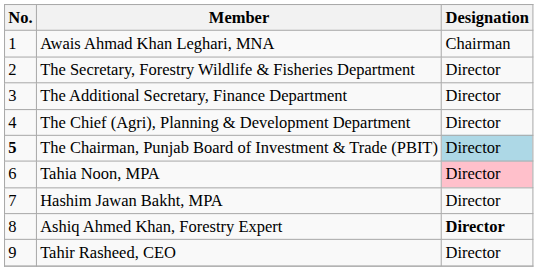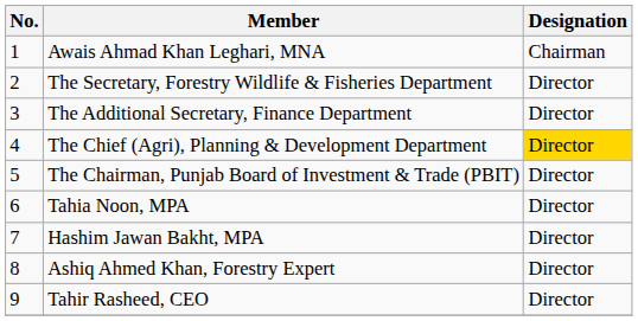 <table class="wikitable">
 <tr>
 <th>No.</th>
 <th>Member</th>
 <th>Designation</th>
 </tr>
 <tr>
 <td>1</td>
 <td>Awais Ahmad Khan Leghari, MNA</td>
 <td>Chairman</td>
 </tr>
 <tr>
 <td>2</td>
 <td>The Secretary, Forestry Wildlife & Fisheries Department</td>
 <td>Director</td>
 </tr>
 <tr>
 <td>3</td>
 <td>The Additional Secretary, Finance Department</td>
 <td>Director</td>
 </tr>
 <tr>
 <td>4</td>
 <td>The Chief (Agri), Planning & Development Department</td>
-<td>Director</td>
+<td style="background: gold;">Director</td>
 </tr>
 <tr>
-<td><strong>5</strong></td>
+<td>5</td>
 <td>The Chairman, Punjab Board of Investment & Trade (PBIT)</td>
-<td style="background: lightblue;">Director</td>
+<td>Director</td>
 </tr>
 <tr>
 <td>6</td>
 <td>Tahia Noon, MPA</td>
-<td style="background: pink;">Director</td>
+<td>Director</td>
 </tr>
 <tr>
 <td>7</td>
 <td>Hashim Jawan Bakht, MPA</td>
 <td>Director</td>
 </tr>
 <tr>
 <td>8</td>
 <td>Ashiq Ahmed Khan, Forestry Expert</td>
-<td><strong>Director</strong></td>
+<td>Director</td>
 </tr>
 <tr>
 <td>9</td>
 <td>Tahir Rasheed, CEO</td>
 <td>Director</td>
 </tr>
 <tr>
 </tr>
 </table>
